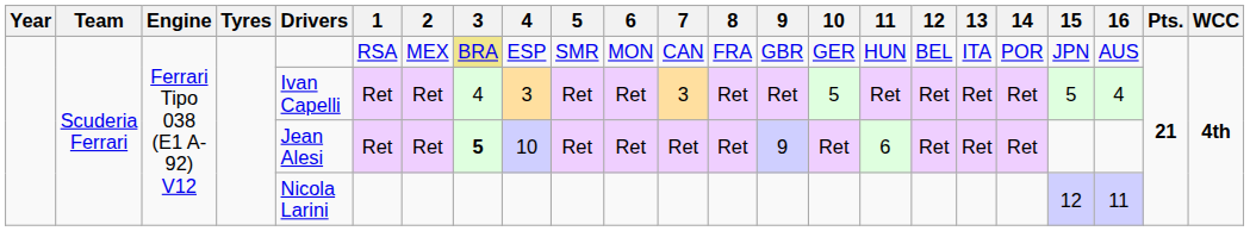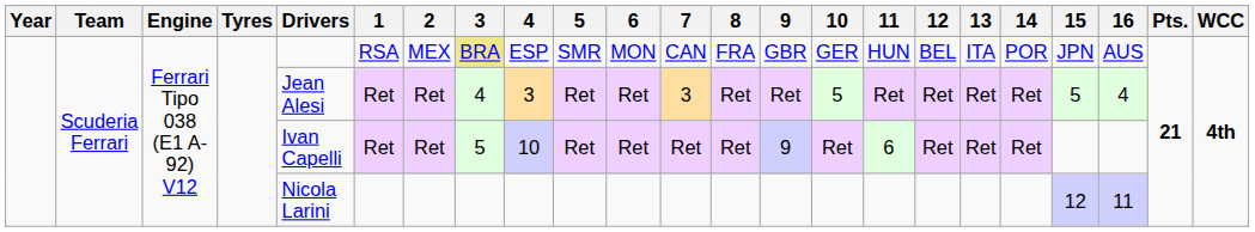 <table class="wikitable" style="text-align:center; font-size:95%">
 <tr>
 <th>Year</th>
 <th>Team</th>
 <th>Engine</th>
 <th>Tyres</th>
 <th>Drivers</th>
 <th>1</th>
 <th>2</th>
 <th>3</th>
 <th>4</th>
 <th>5</th>
 <th>6</th>
 <th>7</th>
 <th>8</th>
 <th>9</th>
 <th>10</th>
 <th>11</th>
 <th>12</th>
 <th>13</th>
 <th>14</th>
 <th>15</th>
 <th>16</th>
 <th>Pts.</th>
 <th>WCC</th>
 </tr>
 <tr>
 <td rowspan="4"></td>
 <td rowspan="4"><a href='#'>Scuderia Ferrari</a></td>
 <td rowspan="4"><a href='#'>Ferrari</a> Tipo 038 (E1 A-92)<br><a href='#'>V12</a></td>
 <td rowspan="4"></td>
 <td></td>
 <td><a href='#'>RSA</a></td>
 <td><a href='#'>MEX</a></td>
 <td style="background: khaki;"><a href='#'>BRA</a></td>
 <td><a href='#'>ESP</a></td>
 <td><a href='#'>SMR</a></td>
 <td><a href='#'>MON</a></td>
 <td><a href='#'>CAN</a></td>
 <td><a href='#'>FRA</a></td>
 <td><a href='#'>GBR</a></td>
 <td><a href='#'>GER</a></td>
 <td><a href='#'>HUN</a></td>
 <td><a href='#'>BEL</a></td>
 <td><a href='#'>ITA</a></td>
 <td><a href='#'>POR</a></td>
 <td><a href='#'>JPN</a></td>
 <td><a href='#'>AUS</a></td>
 <td rowspan="4"><strong>21</strong></td>
 <td rowspan="4"><strong>4th</strong></td>
 </tr>
 <tr>
-<td align="left"><a href='#'>Ivan Capelli</a></td>
+<td align="left"><a href='#'>Jean Alesi</a></td>
 <td style="background:#EFCFFF;">Ret</td>
 <td style="background:#EFCFFF;">Ret</td>
 <td style="background:#DFFFDF;">4</td>
 <td style="background:#FFDF9F;">3</td>
 <td style="background:#EFCFFF;">Ret</td>
 <td style="background:#EFCFFF;">Ret</td>
 <td style="background:#FFDF9F;">3</td>
 <td style="background:#EFCFFF;">Ret</td>
 <td style="background:#EFCFFF;">Ret</td>
 <td style="background:#DFFFDF;">5</td>
 <td style="background:#EFCFFF;">Ret</td>
 <td style="background:#EFCFFF;">Ret</td>
 <td style="background:#EFCFFF;">Ret</td>
 <td style="background:#EFCFFF;">Ret</td>
 <td style="background:#DFFFDF;">5</td>
 <td style="background:#DFFFDF;">4</td>
 </tr>
 <tr>
-<td align="left"><a href='#'>Jean Alesi</a></td>
+<td align="left"><a href='#'>Ivan Capelli</a></td>
 <td style="background:#EFCFFF;">Ret</td>
 <td style="background:#EFCFFF;">Ret</td>
-<td style="background:#DFFFDF;"><strong>5</strong></td>
+<td style="background:#DFFFDF;">5</td>
 <td style="background:#CFCFFF;">10</td>
 <td style="background:#EFCFFF;">Ret</td>
 <td style="background:#EFCFFF;">Ret</td>
 <td style="background:#EFCFFF;">Ret</td>
 <td style="background:#EFCFFF;">Ret</td>
 <td style="background:#CFCFFF;">9</td>
 <td style="background:#EFCFFF;">Ret</td>
 <td style="background:#DFFFDF;">6</td>
 <td style="background:#EFCFFF;">Ret</td>
 <td style="background:#EFCFFF;">Ret</td>
 <td style="background:#EFCFFF;">Ret</td>
 <td></td>
 <td></td>
 </tr>
 <tr>
 <td align="left"><a href='#'>Nicola Larini</a></td>
 <td></td>
 <td></td>
 <td></td>
 <td></td>
 <td></td>
 <td></td>
 <td></td>
 <td></td>
 <td></td>
 <td></td>
 <td></td>
 <td></td>
 <td></td>
 <td></td>
 <td style="background:#CFCFFF;">12</td>
 <td style="background:#CFCFFF;">11</td>
 </tr>
 </table>
